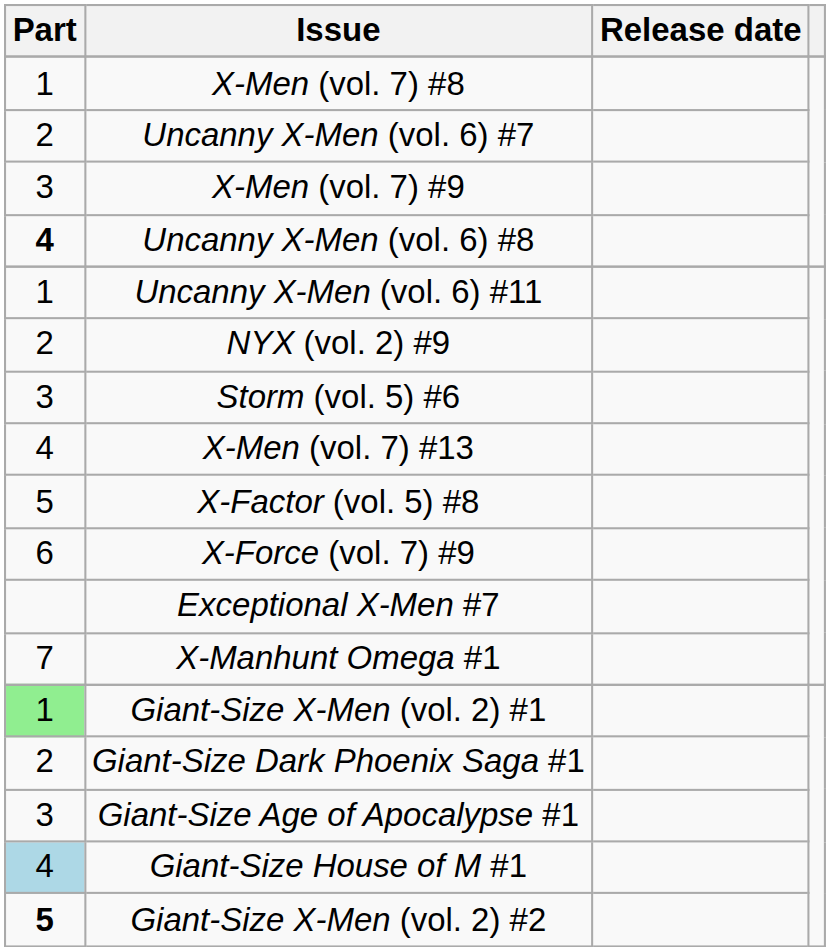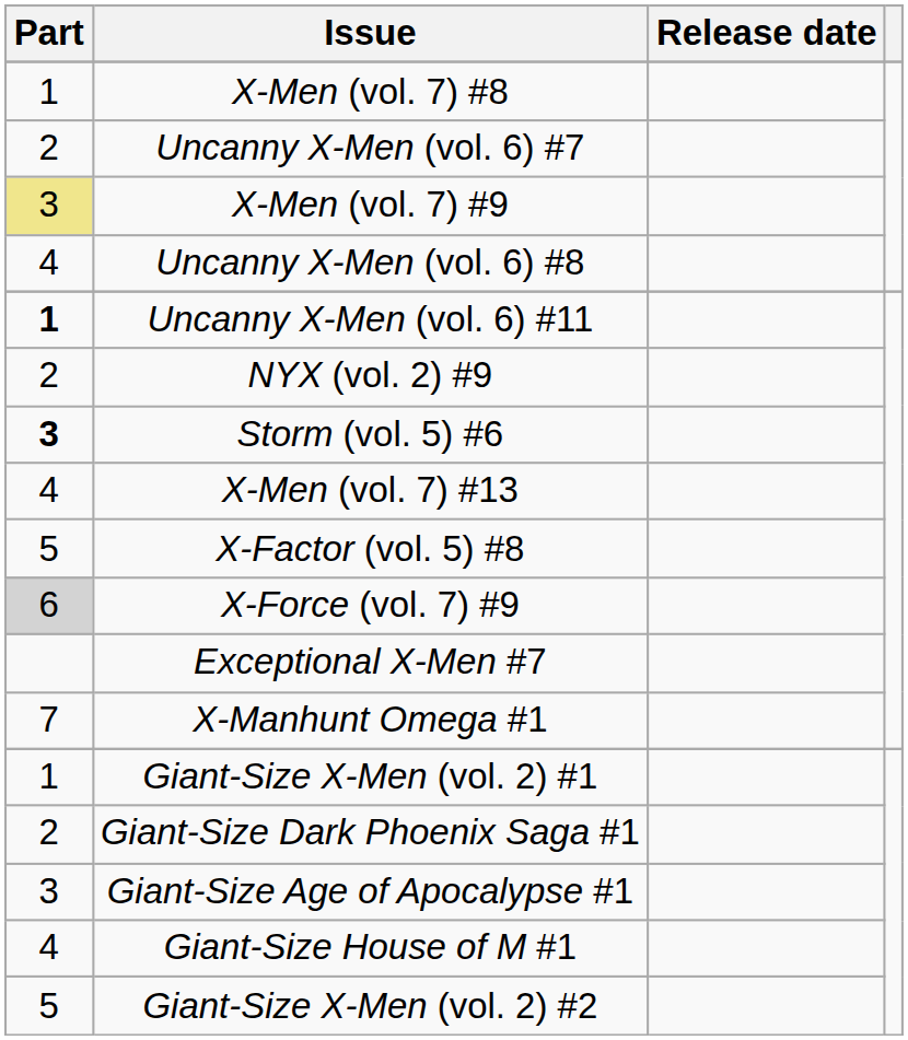 <table class="wikitable sortable" style="text-align:center; font-weight:normal;">
 <tr>
 <th scope="col">Part</th>
 <th scope="col">Issue</th>
 <th scope="col">Release date</th>
 <th scope="col"></th>
 </tr>
 <tr>
 </tr>
 <tr>
 <td>1</td>
 <td><em>X-Men</em> (vol. 7) #8</td>
 <td></td>
 <td rowspan="4"></td>
 </tr>
 <tr>
 <td>2</td>
 <td><em>Uncanny X-Men</em> (vol. 6)	#7</td>
 <td></td>
 </tr>
 <tr>
-<td>3</td>
+<td style="background: khaki;">3</td>
 <td><em>X-Men</em> (vol. 7) #9</td>
 <td></td>
 </tr>
 <tr>
-<td><strong>4</strong></td>
+<td>4</td>
 <td><em>Uncanny X-Men</em> (vol. 6)	#8</td>
 <td></td>
 </tr>
 <tr>
 </tr>
 <tr>
-<td>1</td>
+<td><strong>1</strong></td>
 <td><em>Uncanny X-Men</em> (vol. 6) #11</td>
 <td></td>
 <td rowspan="8"></td>
 </tr>
 <tr>
 <td>2</td>
 <td><em>NYX</em> (vol. 2) #9</td>
 <td></td>
 </tr>
 <tr>
-<td>3</td>
+<td><strong>3</strong></td>
 <td><em>Storm</em> (vol. 5) #6</td>
 <td></td>
 </tr>
 <tr>
 <td>4</td>
 <td><em>X-Men</em> (vol. 7) #13</td>
 <td></td>
 </tr>
 <tr>
 <td>5</td>
 <td><em>X-Factor</em> (vol. 5) #8</td>
 <td></td>
 </tr>
 <tr>
-<td>6</td>
+<td style="background: lightgrey;">6</td>
 <td><em>X-Force</em> (vol. 7) #9</td>
 <td></td>
 </tr>
 <tr>
 <td></td>
 <td><em>Exceptional X-Men</em> #7</td>
 <td></td>
 </tr>
 <tr>
 <td>7</td>
 <td><em>X-Manhunt Omega</em> #1</td>
 <td></td>
 </tr>
 <tr>
 </tr>
 <tr>
-<td style="background: lightgreen;">1</td>
+<td>1</td>
 <td><em>Giant-Size X-Men</em> (vol. 2) #1</td>
 <td></td>
 <td rowspan="5"></td>
 </tr>
 <tr>
 <td>2</td>
 <td><em>Giant-Size Dark Phoenix Saga</em> #1</td>
 <td></td>
 </tr>
 <tr>
 <td>3</td>
 <td><em>Giant-Size Age of Apocalypse</em> #1</td>
 <td></td>
 </tr>
 <tr>
-<td style="background: lightblue;">4</td>
+<td>4</td>
 <td><em>Giant-Size House of M</em> #1</td>
 <td></td>
 </tr>
 <tr>
-<td><strong>5</strong></td>
+<td>5</td>
 <td><em>Giant-Size X-Men</em> (vol. 2) #2</td>
 <td></td>
 </tr>
 </table>
